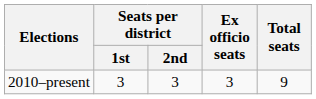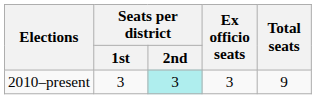 <table class="wikitable" style="text-align:center">
 <tr>
 <th rowspan="2">Elections</th>
 <th colspan="2">Seats per district</th>
 <th rowspan="2" width="50px">Ex officio seats</th>
 <th rowspan="2" width="50px">Total seats</th>
 </tr>
 <tr>
 <th width="50px">1st</th>
 <th width="50px">2nd</th>
 </tr>
 <tr>
 <td>2010–present</td>
 <td>3</td>
-<td>3</td>
+<td style="background: paleturquoise;">3</td>
 <td>3</td>
 <td>9</td>
 </tr>
 </table>
